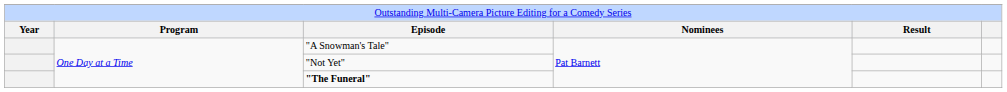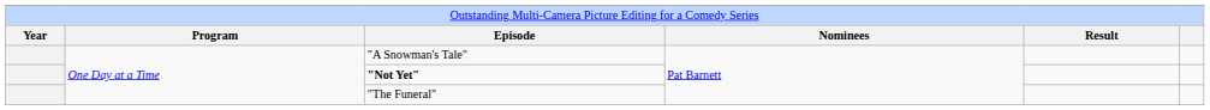 <table class="wikitable plainrowheaders" style="font-size: 90%" width=90%>
 <tr>
 </tr>
 <tr ---- bgcolor="#bfd7ff">
 <td colspan=6 align=center><a href='#'>Outstanding Multi-Camera Picture Editing for a Comedy Series</a></td>
 </tr>
 <tr ---- bgcolor="#ebf5ff">
 <th width="5%">Year</th>
 <th width="25%">Program</th>
 <th width="25%">Episode</th>
 <th width="30%">Nominees</th>
 <th width="13%">Result</th>
 <th width="5%"></th>
 </tr>
 <tr>
 <th scope=row></th>
 <td rowspan=3><em><a href='#'>One Day at a Time</a></em></td>
 <td>"A Snowman's Tale"</td>
 <td rowspan=3><a href='#'>Pat Barnett</a></td>
 <td></td>
 <td></td>
 </tr>
 <tr>
 <th scope=row></th>
-<td>"Not Yet"</td>
+<td><strong>"Not Yet"</strong></td>
 <td></td>
 <td></td>
 </tr>
 <tr>
 <th scope=row></th>
-<td><strong>"The Funeral"</strong></td>
+<td>"The Funeral"</td>
 <td></td>
 <td></td>
 </tr>
 </table>
